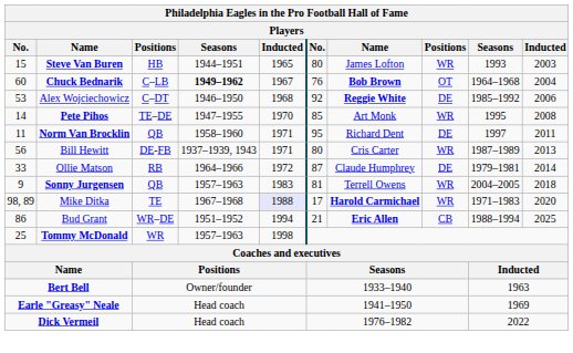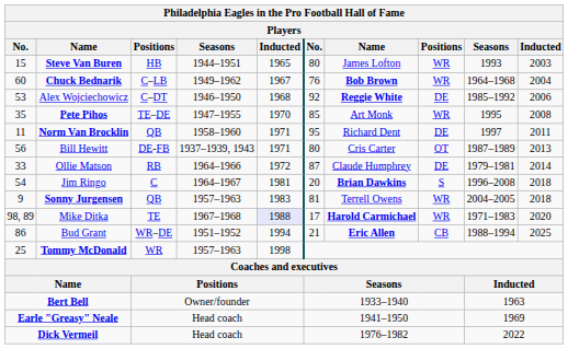 <table class="wikitable" style="text-align:center">
 <tr>
 <th colspan="10">Philadelphia Eagles in the Pro Football Hall of Fame</th>
 </tr>
 <tr>
 <th colspan="10">Players</th>
 </tr>
 <tr>
 <th>No.</th>
 <th>Name</th>
 <th>Positions</th>
 <th>Seasons</th>
 <th style="border-right:3px solid #004953">Inducted</th>
 <th>No.</th>
 <th>Name</th>
 <th>Positions</th>
 <th>Seasons</th>
 <th>Inducted</th>
 </tr>
 <tr>
 <td>15</td>
 <td><strong><a href='#'>Steve Van Buren</a></strong></td>
 <td><a href='#'>HB</a></td>
 <td>1944–1951</td>
 <td style="border-right:3px solid #004953">1965</td>
 <td>80</td>
 <td><a href='#'>James Lofton</a></td>
 <td><a href='#'>WR</a></td>
 <td>1993</td>
 <td>2003</td>
 </tr>
 <tr>
 <td>60</td>
 <td><strong><a href='#'>Chuck Bednarik</a></strong></td>
 <td><a href='#'>C</a>–<a href='#'>LB</a></td>
-<td><strong>1949–1962</strong></td>
+<td>1949–1962</td>
 <td style="border-right:3px solid #004953">1967</td>
 <td>76</td>
 <td><strong><a href='#'>Bob Brown</a></strong></td>
-<td><a href='#'>OT</a></td>
+<td><a href='#'>WR</a></td>
 <td>1964–1968</td>
 <td>2004</td>
 </tr>
 <tr>
 <td>53</td>
 <td><a href='#'>Alex Wojciechowicz</a></td>
 <td><a href='#'>C</a>–<a href='#'>DT</a></td>
 <td>1946–1950</td>
 <td style="border-right:3px solid #004953">1968</td>
 <td>92</td>
 <td><strong><a href='#'>Reggie White</a></strong></td>
 <td><a href='#'>DE</a></td>
 <td>1985–1992</td>
 <td>2006</td>
 </tr>
 <tr>
-<td>14</td>
+<td>35</td>
 <td><strong><a href='#'>Pete Pihos</a></strong></td>
 <td><a href='#'>TE</a>–<a href='#'>DE</a></td>
 <td>1947–1955</td>
 <td style="border-right:3px solid #004953">1970</td>
 <td>85</td>
 <td><a href='#'>Art Monk</a></td>
 <td><a href='#'>WR</a></td>
 <td>1995</td>
 <td>2008</td>
 </tr>
 <tr>
 <td>11</td>
 <td><strong><a href='#'>Norm Van Brocklin</a></strong></td>
 <td><a href='#'>QB</a></td>
 <td>1958–1960</td>
 <td style="border-right:3px solid #004953">1971</td>
 <td>95</td>
 <td><a href='#'>Richard Dent</a></td>
 <td><a href='#'>DE</a></td>
 <td>1997</td>
 <td>2011</td>
 </tr>
 <tr>
 <td>56</td>
 <td><a href='#'>Bill Hewitt</a></td>
 <td><a href='#'>DE</a>-<a href='#'>FB</a></td>
 <td>1937–1939, 1943</td>
 <td style="border-right:3px solid #004953">1971</td>
 <td>80</td>
 <td><a href='#'>Cris Carter</a></td>
-<td><a href='#'>WR</a></td>
+<td><a href='#'>OT</a></td>
 <td>1987–1989</td>
 <td>2013</td>
 </tr>
 <tr>
 <td>33</td>
 <td><a href='#'>Ollie Matson</a></td>
 <td><a href='#'>RB</a></td>
 <td>1964–1966</td>
 <td style="border-right:3px solid #004953">1972</td>
 <td>87</td>
 <td><a href='#'>Claude Humphrey</a></td>
 <td><a href='#'>DE</a></td>
 <td>1979–1981</td>
 <td>2014</td>
+</tr>
+<tr>
+<td>54</td>
+<td><a href='#'>Jim Ringo</a></td>
+<td><a href='#'>C</a></td>
+<td>1964–1967</td>
+<td style="border-right:3px solid #004953">1981</td>
+<td>20</td>
+<td><strong><a href='#'>Brian Dawkins</a></strong></td>
+<td><a href='#'>S</a></td>
+<td>1996–2008</td>
+<td>2018</td>
 </tr>
 <tr>
 <td>9</td>
 <td><strong><a href='#'>Sonny Jurgensen</a></strong></td>
 <td><a href='#'>QB</a></td>
 <td>1957–1963</td>
 <td style="border-right:3px solid #004953">1983</td>
 <td>81</td>
 <td><a href='#'>Terrell Owens</a></td>
 <td><a href='#'>WR</a></td>
 <td>2004–2005</td>
 <td>2018</td>
 </tr>
 <tr>
 <td>98, 89</td>
 <td><a href='#'>Mike Ditka</a></td>
 <td><a href='#'>TE</a></td>
 <td>1967–1968</td>
 <td style="background: lavender; border-right:3px solid #004953">1988</td>
 <td>17</td>
 <td><strong><a href='#'>Harold Carmichael</a></strong></td>
 <td><a href='#'>WR</a></td>
 <td>1971–1983</td>
 <td>2020</td>
 </tr>
 <tr>
 <td>86</td>
 <td><a href='#'>Bud Grant</a></td>
 <td><a href='#'>WR</a>–<a href='#'>DE</a></td>
 <td>1951–1952</td>
 <td style="border-right:3px solid #004953">1994</td>
 <td>21</td>
 <td><strong><a href='#'>Eric Allen</a></strong></td>
 <td><a href='#'>CB</a></td>
 <td>1988–1994</td>
 <td>2025</td>
 </tr>
 <tr>
 <td>25</td>
 <td><strong><a href='#'>Tommy McDonald</a></strong></td>
 <td><a href='#'>WR</a></td>
 <td>1957–1963</td>
 <td style="border-right:3px solid #004953">1998</td>
 </tr>
 <tr>
 <th colspan="10">Coaches and executives</th>
 </tr>
 <tr>
 <th colspan="2">Name</th>
 <th colspan="3">Positions</th>
 <th colspan="3">Seasons</th>
 <th colspan="2">Inducted</th>
 </tr>
 <tr>
 <td colspan="2"><strong><a href='#'>Bert Bell</a></strong></td>
 <td colspan="3">Owner/founder</td>
 <td colspan="3">1933–1940</td>
 <td colspan="2">1963</td>
 </tr>
 <tr>
 <td colspan="2"><strong><a href='#'>Earle "Greasy" Neale</a></strong></td>
 <td colspan="3">Head coach</td>
 <td colspan="3">1941–1950</td>
 <td colspan="2">1969</td>
 </tr>
 <tr>
 <td colspan="2"><strong><a href='#'>Dick Vermeil</a></strong></td>
 <td colspan="3">Head coach</td>
 <td colspan="3">1976–1982</td>
 <td colspan="2">2022</td>
 </tr>
 </table>
